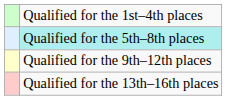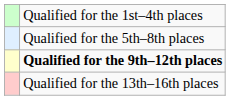 <table class="wikitable" style="text-align:left">
 <tr>
 <td width=10px bgcolor=#ccffcc></td>
 <td>Qualified for the 1st–4th places</td>
 </tr>
 <tr>
 <td width=10px bgcolor=#dfefff></td>
-<td style="background: paleturquoise;">Qualified for the 5th–8th places</td>
+<td>Qualified for the 5th–8th places</td>
 </tr>
 <tr>
 <td width=10px bgcolor=#ffffcc></td>
-<td>Qualified for the 9th–12th places</td>
+<td><strong>Qualified for the 9th–12th places</strong></td>
 </tr>
 <tr>
 <td width=10px bgcolor=#ffcccc></td>
 <td>Qualified for the 13th–16th places</td>
 </tr>
 </table>
